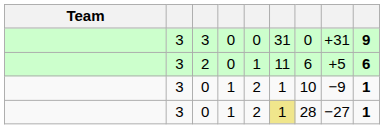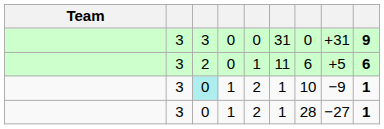 <table class="wikitable" style="text-align:center;">
 <tr>
 <th width="165">Team</th>
 <th width="20"></th>
 <th width="20"></th>
 <th width="20"></th>
 <th width="20"></th>
 <th width="20"></th>
 <th width="20"></th>
 <th width="20"></th>
 <th width="20"></th>
 </tr>
 <tr bgcolor="ccffcc">
 <td style="text-align:left;"></td>
 <td>3</td>
 <td>3</td>
 <td>0</td>
 <td>0</td>
 <td>31</td>
 <td>0</td>
 <td>+31</td>
 <td><strong>9</strong></td>
 </tr>
 <tr bgcolor="ccffcc">
 <td style="text-align:left;"></td>
 <td>3</td>
 <td>2</td>
 <td>0</td>
 <td>1</td>
 <td>11</td>
 <td>6</td>
 <td>+5</td>
 <td><strong>6</strong></td>
 </tr>
 <tr>
 <td style="text-align:left;"></td>
 <td>3</td>
-<td>0</td>
+<td style="background: paleturquoise;">0</td>
 <td>1</td>
 <td>2</td>
 <td>1</td>
 <td>10</td>
 <td>−9</td>
 <td><strong>1</strong></td>
 </tr>
 <tr>
 <td style="text-align:left;"></td>
 <td>3</td>
 <td>0</td>
 <td>1</td>
 <td>2</td>
-<td style="background: khaki;">1</td>
+<td>1</td>
 <td>28</td>
 <td>−27</td>
 <td><strong>1</strong></td>
 </tr>
 </table>
